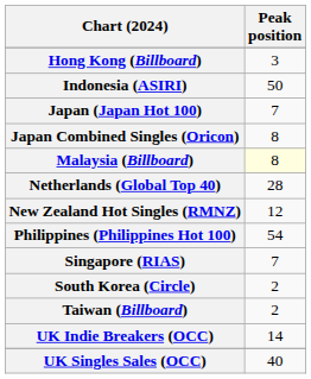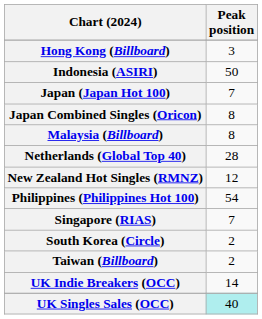 <table class="wikitable sortable plainrowheaders" style="text-align:center">
 <tr>
 <th scope="col">Chart (2024)</th>
 <th scope="col">Peak<br>position</th>
 </tr>
 <tr>
 </tr>
 <tr>
 </tr>
 <tr>
 </tr>
 <tr>
 <th scope="row"><a href='#'>Hong Kong</a> (<em><a href='#'>Billboard</a></em>)</th>
 <td>3</td>
 </tr>
 <tr>
 <th scope="row">Indonesia (<a href='#'>ASIRI</a>)</th>
 <td>50</td>
 </tr>
 <tr>
 <th scope="row">Japan (<a href='#'>Japan Hot 100</a>)</th>
 <td>7</td>
 </tr>
 <tr>
 <th scope="row">Japan Combined Singles (<a href='#'>Oricon</a>)</th>
 <td>8</td>
 </tr>
 <tr>
 <th scope="row"><a href='#'>Malaysia</a> (<em><a href='#'>Billboard</a></em>)</th>
-<td style="background: lightyellow;">8</td>
+<td>8</td>
 </tr>
 <tr>
 <th scope="row">Netherlands (<a href='#'>Global Top 40</a>)</th>
 <td>28</td>
 </tr>
 <tr>
 <th scope="row">New Zealand Hot Singles (<a href='#'>RMNZ</a>)</th>
 <td>12</td>
 </tr>
 <tr>
 <th scope="row">Philippines (<a href='#'>Philippines Hot 100</a>)</th>
 <td>54</td>
 </tr>
 <tr>
 <th scope="row">Singapore (<a href='#'>RIAS</a>)</th>
 <td>7</td>
 </tr>
 <tr>
 <th scope="row">South Korea (<a href='#'>Circle</a>)</th>
 <td>2</td>
 </tr>
 <tr>
 <th scope="row">Taiwan (<em><a href='#'>Billboard</a></em>)</th>
 <td>2</td>
 </tr>
 <tr>
 <th scope="row"><a href='#'>UK Indie Breakers</a> (<a href='#'>OCC</a>)</th>
 <td>14</td>
 </tr>
 <tr>
 </tr>
 <tr>
 <th scope="row"><a href='#'>UK Singles Sales</a> (<a href='#'>OCC</a>)</th>
-<td>40</td>
+<td style="background: paleturquoise;">40</td>
 </tr>
 </table>
